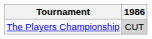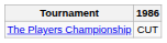 <table class="wikitable" style="font-size:95%;text-align:center;">
 <tr>
 <th>Tournament</th>
 <th>1986</th>
 </tr>
 <tr>
 <td align=left><a href='#'>The Players Championship</a></td>
-<td style="background: lightgrey;">CUT</td>
+<td>CUT</td>
 </tr>
 </table>
